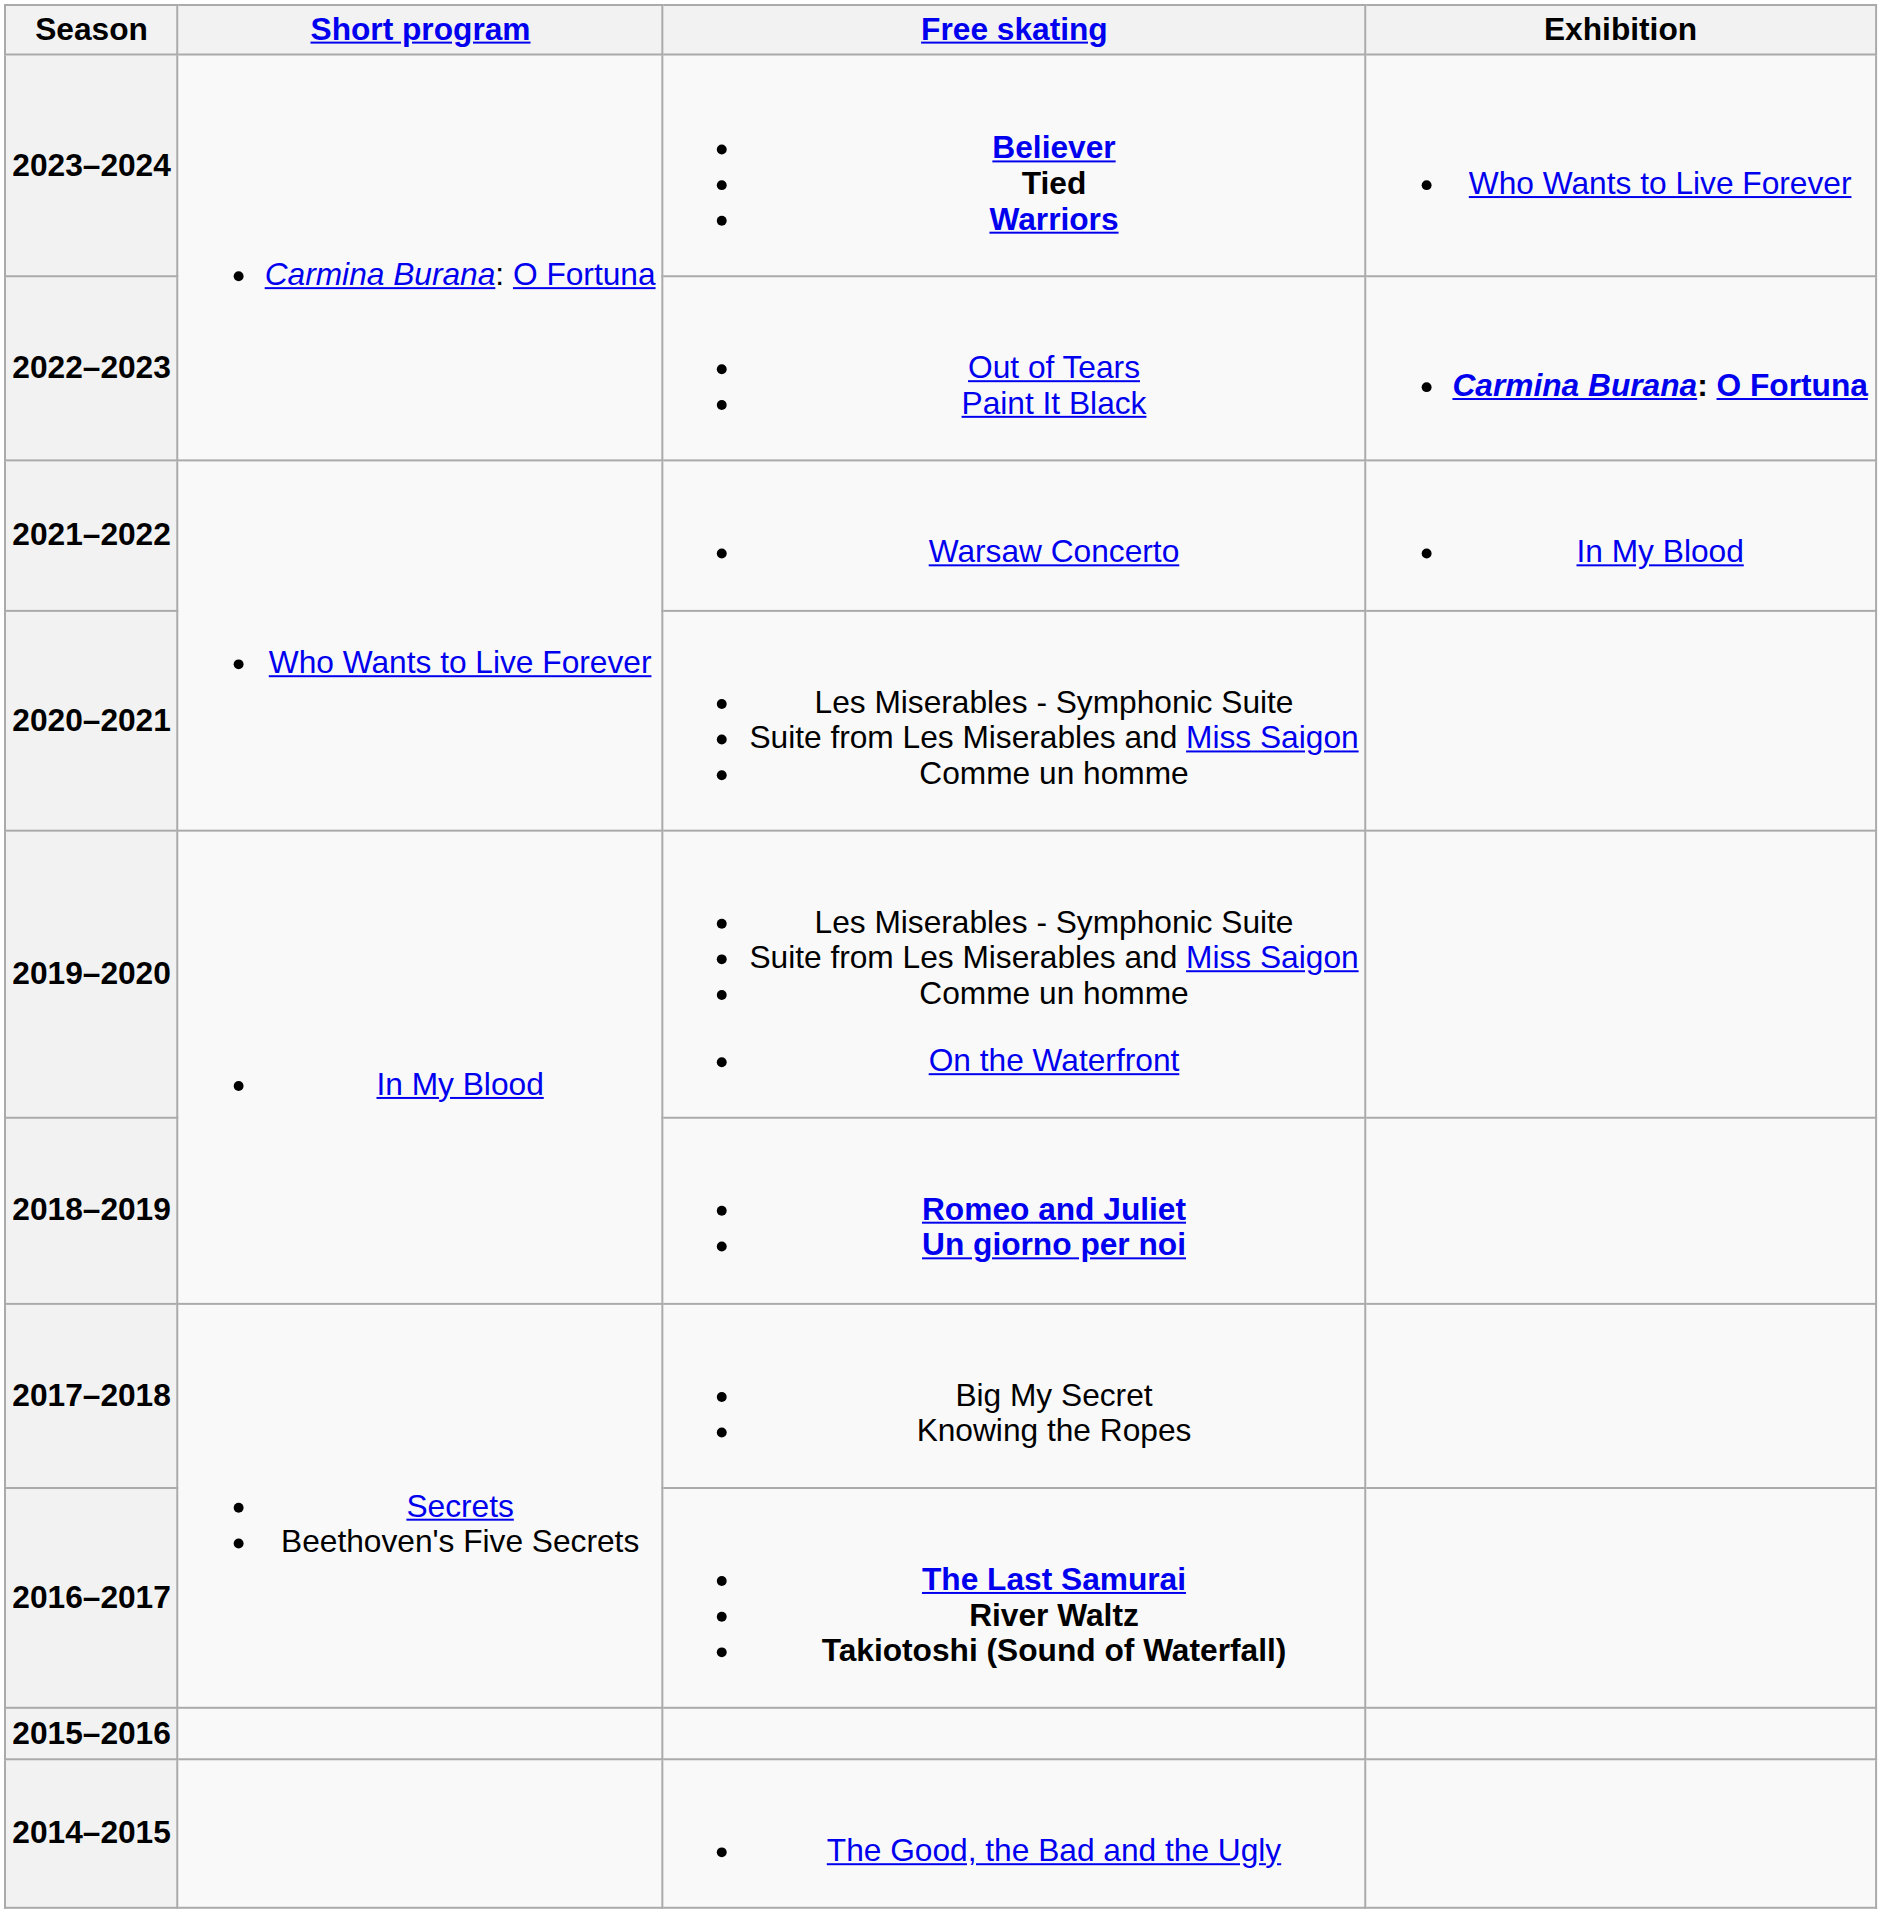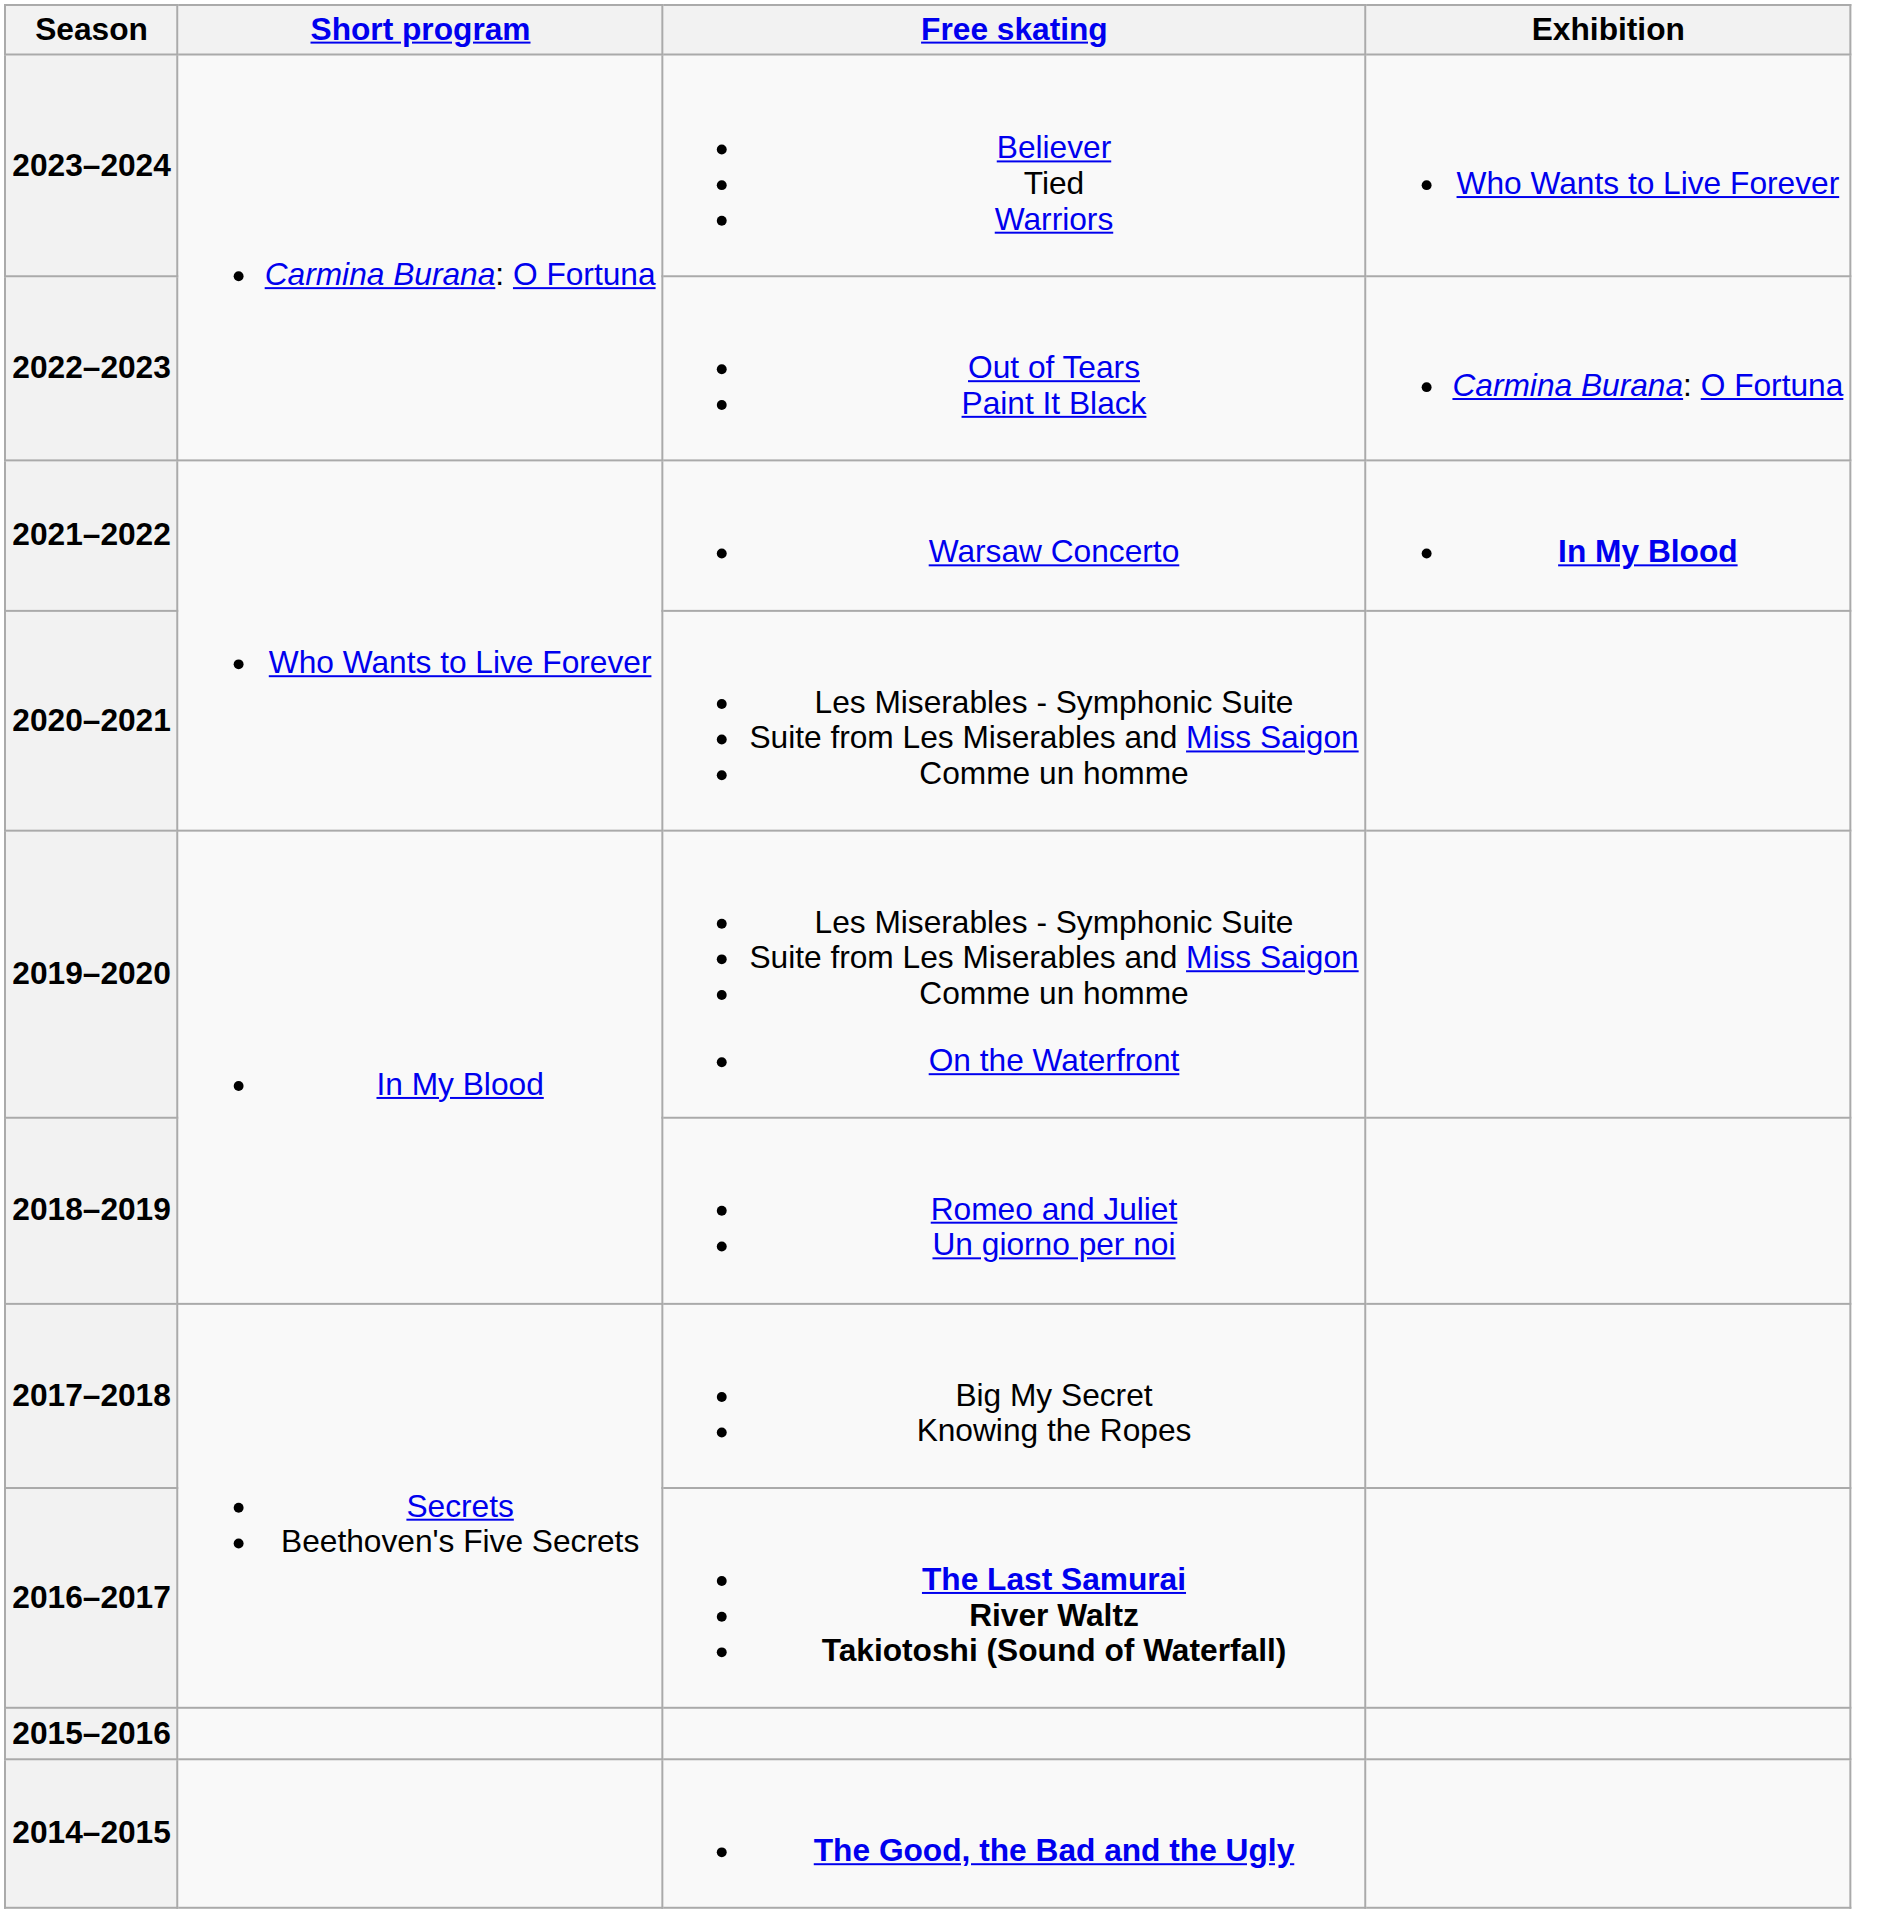 <table class=wikitable style=text-align:center>
 <tr>
 <th>Season</th>
 <th><a href='#'>Short program</a></th>
 <th><a href='#'>Free skating</a></th>
 <th>Exhibition</th>
 </tr>
 <tr>
 <th>2023–2024 <br> </th>
 <td rowspan="2"><br><ul><li><em><a href='#'>Carmina Burana</a></em>: <a href='#'>O Fortuna</a> <br> </li></ul></td>
-<td><strong><br><ul><li><a href='#'>Believer</a></li><li>Tied</li><li><a href='#'>Warriors</a> <br> </li></ul></strong></td>
+<td><br><ul><li><a href='#'>Believer</a></li><li>Tied</li><li><a href='#'>Warriors</a> <br> </li></ul></td>
 <td><br><ul><li><a href='#'>Who Wants to Live Forever</a> <br></li></ul></td>
 </tr>
 <tr>
 <th>2022–2023 <br> </th>
 <td><br><ul><li><a href='#'>Out of Tears</a></li><li><a href='#'>Paint It Black</a> <br> </li></ul></td>
-<td><strong><br><ul><li><em><a href='#'>Carmina Burana</a></em>: <a href='#'>O Fortuna</a> <br> </li></ul></strong></td>
+<td><br><ul><li><em><a href='#'>Carmina Burana</a></em>: <a href='#'>O Fortuna</a> <br> </li></ul></td>
 </tr>
 <tr>
 <th>2021–2022 <br> </th>
 <td rowspan="2"><br><ul><li><a href='#'>Who Wants to Live Forever</a> <br></li></ul></td>
 <td><br><ul><li><a href='#'>Warsaw Concerto</a> <br> </li></ul></td>
-<td><br><ul><li><a href='#'>In My Blood</a> <br> </li></ul></td>
+<td><strong><br><ul><li><a href='#'>In My Blood</a> <br> </li></ul></strong></td>
 </tr>
 <tr>
 <th>2020–2021 <br></th>
 <td><br><ul><li>Les Miserables - Symphonic Suite</li><li>Suite from Les Miserables and <a href='#'>Miss Saigon</a></li><li>Comme un homme <br> </li></ul></td>
 <td></td>
 </tr>
 <tr>
 <th>2019–2020 <br></th>
 <td rowspan="2"><br><ul><li><a href='#'>In My Blood</a> <br></li></ul></td>
 <td><br><ul><li>Les Miserables - Symphonic Suite</li><li>Suite from Les Miserables and <a href='#'>Miss Saigon</a></li><li>Comme un homme <br> </li></ul><ul><li><a href='#'>On the Waterfront</a> <br></li></ul></td>
 <td></td>
 </tr>
 <tr>
 <th>2018–2019 <br></th>
-<td><strong><br><ul><li><a href='#'>Romeo and Juliet</a> <br></li><li><a href='#'>Un giorno per noi</a> <br></li></ul></strong></td>
+<td><br><ul><li><a href='#'>Romeo and Juliet</a> <br></li><li><a href='#'>Un giorno per noi</a> <br></li></ul></td>
 <td></td>
 </tr>
 <tr>
 <th>2017–2018 <br></th>
 <td rowspan="2"><br><ul><li><a href='#'>Secrets</a> <br></li><li>Beethoven's Five Secrets <br></li></ul></td>
 <td><br><ul><li>Big My Secret <br></li><li>Knowing the Ropes <br></li></ul></td>
 <td></td>
 </tr>
 <tr>
 <th>2016–2017 <br></th>
 <td><strong><br><ul><li><a href='#'>The Last Samurai</a> <br></li><li>River Waltz <br></li><li>Takiotoshi (Sound of Waterfall) <br></li></ul></strong></td>
 <td></td>
 </tr>
 <tr>
 <th>2015–2016</th>
 <td></td>
 <td></td>
 <td></td>
 </tr>
 <tr>
 <th>2014–2015 <br></th>
 <td></td>
-<td><br><ul><li><a href='#'>The Good, the Bad and the Ugly</a> <br></li></ul></td>
+<td><strong><br><ul><li><a href='#'>The Good, the Bad and the Ugly</a> <br></li></ul></strong></td>
 <td></td>
 </tr>
 </table>
